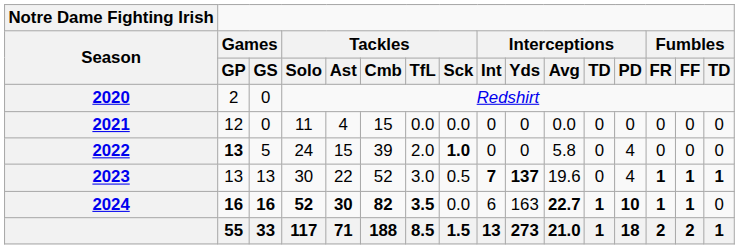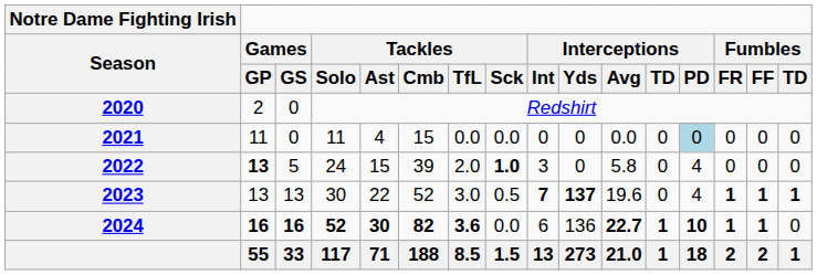 <table class="wikitable" style="text-align:center;">
 <tr>
 <th>Notre Dame Fighting Irish</th>
 </tr>
 <tr>
 <th rowspan="2">Season</th>
 <th colspan="2">Games</th>
 <th colspan="5">Tackles</th>
 <th colspan="5">Interceptions</th>
 <th colspan="3">Fumbles</th>
 </tr>
 <tr>
 <th>GP</th>
 <th>GS</th>
 <th>Solo</th>
 <th>Ast</th>
 <th>Cmb</th>
 <th>TfL</th>
 <th>Sck</th>
 <th>Int</th>
 <th>Yds</th>
 <th>Avg</th>
 <th>TD</th>
 <th>PD</th>
 <th>FR</th>
 <th>FF</th>
 <th>TD</th>
 </tr>
 <tr>
 <th><a href='#'>2020</a></th>
 <td>2</td>
 <td>0</td>
 <td colspan="13"> <em><a href='#'>Redshirt</a></em></td>
 </tr>
 <tr>
 <th><a href='#'>2021</a></th>
-<td>12</td>
+<td>11</td>
 <td>0</td>
 <td>11</td>
 <td>4</td>
 <td>15</td>
 <td>0.0</td>
 <td>0.0</td>
 <td>0</td>
 <td>0</td>
 <td>0.0</td>
 <td>0</td>
-<td>0</td>
+<td style="background: lightblue;">0</td>
 <td>0</td>
 <td>0</td>
 <td>0</td>
 </tr>
 <tr>
 <th><a href='#'>2022</a></th>
 <td><strong>13</strong></td>
 <td>5</td>
 <td>24</td>
 <td>15</td>
 <td>39</td>
 <td>2.0</td>
 <td><strong>1.0</strong></td>
-<td>0</td>
+<td>3</td>
 <td>0</td>
 <td>5.8</td>
 <td>0</td>
 <td>4</td>
 <td>0</td>
 <td>0</td>
 <td>0</td>
 </tr>
 <tr>
 <th><a href='#'>2023</a></th>
 <td>13</td>
 <td>13</td>
 <td>30</td>
 <td>22</td>
 <td>52</td>
 <td>3.0</td>
 <td>0.5</td>
 <td><strong>7</strong></td>
 <td><strong>137</strong></td>
 <td>19.6</td>
 <td>0</td>
 <td>4</td>
 <td><strong>1</strong></td>
 <td><strong>1</strong></td>
 <td><strong>1</strong></td>
 </tr>
 <tr>
 <th><a href='#'>2024</a></th>
 <td><strong>16</strong></td>
 <td><strong>16</strong></td>
 <td><strong>52</strong></td>
 <td><strong>30</strong></td>
 <td><strong>82</strong></td>
-<td><strong>3.5</strong></td>
+<td><strong>3.6</strong></td>
 <td>0.0</td>
 <td>6</td>
-<td>163</td>
+<td>136</td>
 <td><strong>22.7</strong></td>
 <td><strong>1</strong></td>
 <td><strong>10</strong></td>
 <td><strong>1</strong></td>
 <td><strong>1</strong></td>
 <td>0</td>
 </tr>
 <tr>
 <th></th>
 <th>55</th>
 <th>33</th>
 <th>117</th>
 <th>71</th>
 <th>188</th>
 <th>8.5</th>
 <th>1.5</th>
 <th>13</th>
 <th>273</th>
 <th>21.0</th>
 <th>1</th>
 <th>18</th>
 <th>2</th>
 <th>2</th>
 <th>1</th>
 </tr>
 </table>
